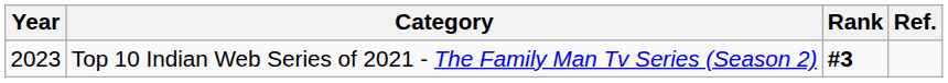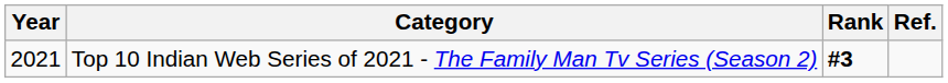 <table class="wikitable">
 <tr>
 <th>Year</th>
 <th>Category</th>
 <th>Rank</th>
 <th>Ref.</th>
 </tr>
 <tr>
-<td>2023</td>
+<td>2021</td>
 <td>Top 10 Indian Web Series of 2021 - <em><a href='#'>The Family Man Tv Series (Season 2)</a></em></td>
 <td><strong>#3</strong></td>
 <td></td>
 </tr>
 </table>
